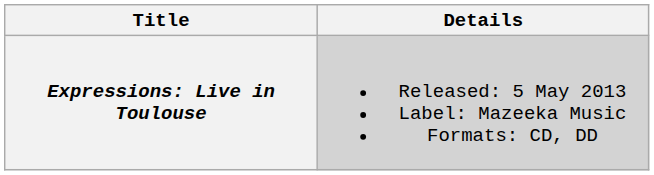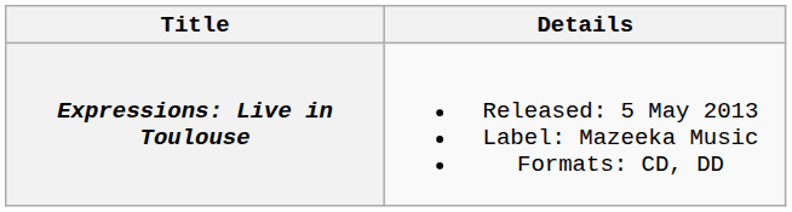 <table class="wikitable plainrowheaders" style="text-align:center;">
 <tr>
 <th scope="col" style="width:16em;">Title</th>
 <th scope="col" style="width:17em;">Details</th>
 </tr>
 <tr>
 <th scope="row"><em>Expressions: Live in Toulouse</em></th>
-<td style="background: lightgrey;"><br><ul><li>Released: 5 May 2013 </li><li>Label: Mazeeka Music </li><li>Formats: CD, DD</li></ul></td>
+<td><br><ul><li>Released: 5 May 2013 </li><li>Label: Mazeeka Music </li><li>Formats: CD, DD</li></ul></td>
 </tr>
 </table>
